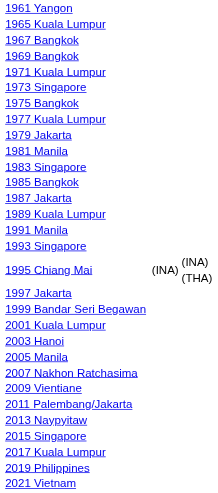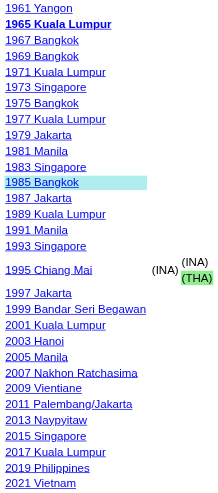 <table>
 <tr>
 <td rowspan=2><a href='#'>1961 Yangon</a><br></td>
 <td rowspan=2></td>
 <td rowspan=2></td>
 <td></td>
 </tr>
 <tr>
 <td></td>
 </tr>
 <tr>
-<td><a href='#'>1965 Kuala Lumpur</a><br></td>
+<td><strong><a href='#'>1965 Kuala Lumpur</a><br></strong></td>
 <td></td>
 <td></td>
 <td></td>
 </tr>
 <tr>
 <td rowspan=2><a href='#'>1967 Bangkok</a><br></td>
 <td rowspan=2></td>
 <td rowspan=2></td>
 <td></td>
 </tr>
 <tr>
 <td></td>
 </tr>
 <tr>
 <td rowspan=2><a href='#'>1969 Bangkok</a><br></td>
 <td rowspan=2></td>
 <td rowspan=2></td>
 <td></td>
 </tr>
 <tr>
 <td></td>
 </tr>
 <tr>
 <td rowspan=2><a href='#'>1971 Kuala Lumpur</a><br></td>
 <td rowspan=2></td>
 <td rowspan=2></td>
 <td></td>
 </tr>
 <tr>
 <td></td>
 </tr>
 <tr>
 <td rowspan=2><a href='#'>1973 Singapore</a><br></td>
 <td rowspan=2></td>
 <td rowspan=2></td>
 <td></td>
 </tr>
 <tr>
 <td></td>
 </tr>
 <tr>
 <td rowspan=2><a href='#'>1975 Bangkok</a><br></td>
 <td rowspan=2></td>
 <td rowspan=2></td>
 <td></td>
 </tr>
 <tr>
 <td></td>
 </tr>
 <tr>
 <td rowspan=2><a href='#'>1977 Kuala Lumpur</a><br></td>
 <td rowspan=2></td>
 <td rowspan=2></td>
 <td></td>
 </tr>
 <tr>
 <td></td>
 </tr>
 <tr>
 <td rowspan=2><a href='#'>1979 Jakarta</a><br></td>
 <td rowspan=2></td>
 <td rowspan=2></td>
 <td></td>
 </tr>
 <tr>
 <td></td>
 </tr>
 <tr>
 <td rowspan=2><a href='#'>1981 Manila</a><br></td>
 <td rowspan=2></td>
 <td rowspan=2></td>
 <td></td>
 </tr>
 <tr>
 <td></td>
 </tr>
 <tr>
 <td rowspan=2><a href='#'>1983 Singapore</a><br></td>
 <td rowspan=2></td>
 <td rowspan=2></td>
 <td></td>
 </tr>
 <tr>
 <td></td>
 </tr>
 <tr>
-<td><a href='#'>1985 Bangkok</a><br></td>
+<td style="background: paleturquoise;"><a href='#'>1985 Bangkok</a><br></td>
 <td></td>
 <td></td>
 <td></td>
 </tr>
 <tr>
 <td rowspan=2><a href='#'>1987 Jakarta</a><br></td>
 <td rowspan=2></td>
 <td rowspan=2></td>
 <td></td>
 </tr>
 <tr>
 <td></td>
 </tr>
 <tr>
 <td rowspan=2><a href='#'>1989 Kuala Lumpur</a><br></td>
 <td rowspan=2></td>
 <td rowspan=2></td>
 <td></td>
 </tr>
 <tr>
 <td></td>
 </tr>
 <tr>
 <td rowspan=2><a href='#'>1991 Manila</a><br></td>
 <td rowspan=2></td>
 <td rowspan=2></td>
 <td></td>
 </tr>
 <tr>
 <td></td>
 </tr>
 <tr>
 <td rowspan=2><a href='#'>1993 Singapore</a><br></td>
 <td rowspan=2></td>
 <td rowspan=2></td>
 <td></td>
 </tr>
 <tr>
 <td></td>
 </tr>
 <tr>
 <td rowspan=2><a href='#'>1995 Chiang Mai</a><br></td>
 <td rowspan=2></td>
 <td rowspan=2> (INA)</td>
 <td> (INA)</td>
 </tr>
 <tr>
-<td> (THA)</td>
+<td style="background: lightgreen;"> (THA)</td>
 </tr>
 <tr>
 <td rowspan=2><a href='#'>1997 Jakarta</a><br></td>
 <td rowspan=2></td>
 <td rowspan=2></td>
 <td></td>
 </tr>
 <tr>
 <td></td>
 </tr>
 <tr>
 <td rowspan=2><a href='#'>1999 Bandar Seri Begawan</a><br></td>
 <td rowspan=2></td>
 <td rowspan=2></td>
 <td></td>
 </tr>
 <tr>
 <td></td>
 </tr>
 <tr>
 <td rowspan=2><a href='#'>2001 Kuala Lumpur</a><br></td>
 <td rowspan=2></td>
 <td rowspan=2></td>
 <td></td>
 </tr>
 <tr>
 <td></td>
 </tr>
 <tr>
 <td rowspan=2><a href='#'>2003 Hanoi</a><br></td>
 <td rowspan=2></td>
 <td rowspan=2></td>
 <td></td>
 </tr>
 <tr>
 <td></td>
 </tr>
 <tr>
 <td rowspan=2><a href='#'>2005 Manila</a><br></td>
 <td rowspan=2></td>
 <td rowspan=2></td>
 <td></td>
 </tr>
 <tr>
 <td></td>
 </tr>
 <tr>
 <td rowspan=2><a href='#'>2007 Nakhon Ratchasima</a><br></td>
 <td rowspan=2></td>
 <td rowspan=2></td>
 <td></td>
 </tr>
 <tr>
 <td></td>
 </tr>
 <tr>
 <td rowspan=2><a href='#'>2009 Vientiane</a><br></td>
 <td rowspan=2></td>
 <td rowspan=2></td>
 <td></td>
 </tr>
 <tr>
 <td></td>
 </tr>
 <tr>
 <td rowspan=2><a href='#'>2011 Palembang/Jakarta</a><br></td>
 <td rowspan=2></td>
 <td rowspan=2></td>
 <td></td>
 </tr>
 <tr>
 <td></td>
 </tr>
 <tr>
 <td rowspan=2><a href='#'>2013 Naypyitaw</a><br></td>
 <td rowspan=2></td>
 <td rowspan=2></td>
 <td></td>
 </tr>
 <tr>
 <td></td>
 </tr>
 <tr>
 <td rowspan=2><a href='#'>2015 Singapore</a><br></td>
 <td rowspan=2></td>
 <td rowspan=2></td>
 <td></td>
 </tr>
 <tr>
 <td></td>
 </tr>
 <tr>
 <td rowspan=2><a href='#'>2017 Kuala Lumpur</a><br></td>
 <td rowspan=2></td>
 <td rowspan=2></td>
 <td></td>
 </tr>
 <tr>
 <td></td>
 </tr>
 <tr>
 <td rowspan=2><a href='#'>2019 Philippines</a><br></td>
 <td rowspan=2></td>
 <td rowspan=2></td>
 <td></td>
 </tr>
 <tr>
 <td></td>
 </tr>
 <tr>
 <td rowspan=2><a href='#'>2021 Vietnam</a><br></td>
 <td rowspan=2></td>
 <td rowspan=2></td>
 <td></td>
 </tr>
 <tr>
 <td></td>
 </tr>
 </table>
